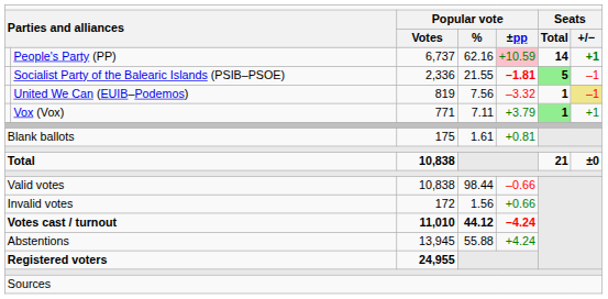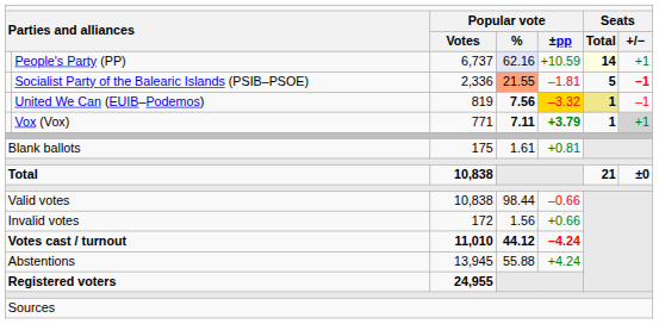 <table class="wikitable" style="text-align:right;">
 <tr>
 <td colspan="7"></td>
 </tr>
 <tr>
 <th style="text-align:left;" rowspan="2" colspan="2" width="525">Parties and alliances</th>
 <th colspan="3">Popular vote</th>
 <th colspan="2">Seats</th>
 </tr>
 <tr>
 <th width="75">Votes</th>
 <th width="45">%</th>
 <th width="45">±<a href='#'>pp</a></th>
 <th width="35">Total</th>
 <th width="35">+/−</th>
 </tr>
 <tr>
 <td width="1" style="color:inherit;background:"></td>
 <td align="left"><a href='#'>People's Party</a> (PP)</td>
 <td>6,737</td>
-<td>62.16</td>
-<td style="background: pink; color:green;">+10.59</td>
-<td><strong>14</strong></td>
-<td style="color:green;"><strong>+1</strong></td>
+<td style="background: lavender;">62.16</td>
+<td style="color:green;">+10.59</td>
+<td style="background: lightyellow;"><strong>14</strong></td>
+<td style="color:green;">+1</td>
 </tr>
 <tr>
 <td style="color:inherit;background:"></td>
 <td align="left"><a href='#'>Socialist Party of the Balearic Islands</a> (PSIB–PSOE)</td>
 <td>2,336</td>
-<td>21.55</td>
-<td style="color:red;"><strong>–1.81</strong></td>
-<td style="background: lightgreen;"><strong>5</strong></td>
-<td style="color:red;">–1</td>
+<td style="background: lightsalmon;">21.55</td>
+<td style="color:red;">–1.81</td>
+<td><strong>5</strong></td>
+<td style="color:red;"><strong>–1</strong></td>
 </tr>
 <tr>
 <td style="color:inherit;background:"></td>
 <td align="left"><a href='#'>United We Can</a> (<a href='#'>EUIB</a>–<a href='#'>Podemos</a>)</td>
 <td>819</td>
-<td>7.56</td>
-<td style="color:red;">–3.32</td>
-<td><strong>1</strong></td>
-<td style="background: khaki; color:red;">–1</td>
+<td><strong>7.56</strong></td>
+<td style="background: gold; color:red;">–3.32</td>
+<td style="background: khaki;"><strong>1</strong></td>
+<td style="color:red;">–1</td>
 </tr>
 <tr>
 <td style="color:inherit;background:"></td>
 <td align="left"><a href='#'>Vox</a> (Vox)</td>
 <td>771</td>
-<td>7.11</td>
-<td style="color:green;">+3.79</td>
-<td style="background: lightgreen;"><strong>1</strong></td>
-<td style="color:green;">+1</td>
+<td><strong>7.11</strong></td>
+<td style="color:green;"><strong>+3.79</strong></td>
+<td><strong>1</strong></td>
+<td style="background: lightgrey; color:green;">+1</td>
 </tr>
 <tr>
 <td colspan="7" bgcolor="#C0C0C0"></td>
 </tr>
 <tr>
 <td align="left" colspan="2">Blank ballots</td>
 <td>175</td>
 <td>1.61</td>
 <td style="color:green;">+0.81</td>
 <td bgcolor="#E9E9E9" colspan="2"></td>
 </tr>
 <tr>
 <td colspan="7" bgcolor="#E9E9E9"></td>
 </tr>
 <tr style="font-weight:bold;">
 <td align="left" colspan="2">Total</td>
 <td>10,838</td>
 <td bgcolor="#E9E9E9" colspan="2"></td>
 <td>21</td>
 <td>±0</td>
 </tr>
 <tr>
 <td colspan="7" bgcolor="#E9E9E9"></td>
 </tr>
 <tr>
 <td align="left" colspan="2">Valid votes</td>
 <td>10,838</td>
 <td>98.44</td>
 <td style="color:red;">–0.66</td>
 <td bgcolor="#E9E9E9" colspan="2" rowspan="5"></td>
 </tr>
 <tr>
 <td align="left" colspan="2">Invalid votes</td>
 <td>172</td>
 <td>1.56</td>
 <td style="color:green;">+0.66</td>
 </tr>
 <tr style="font-weight:bold;">
 <td align="left" colspan="2">Votes cast / turnout</td>
 <td>11,010</td>
 <td>44.12</td>
 <td style="color:red;">–4.24</td>
 </tr>
 <tr>
 <td align="left" colspan="2">Abstentions</td>
 <td>13,945</td>
 <td>55.88</td>
 <td style="color:green;">+4.24</td>
 </tr>
 <tr style="font-weight:bold;">
 <td align="left" colspan="2">Registered voters</td>
 <td>24,955</td>
 <td bgcolor="#E9E9E9" colspan="2"></td>
 </tr>
 <tr>
 <td colspan="7" bgcolor="#E9E9E9"></td>
 </tr>
 <tr>
 <td align="left" colspan="7">Sources</td>
 </tr>
 </table>
